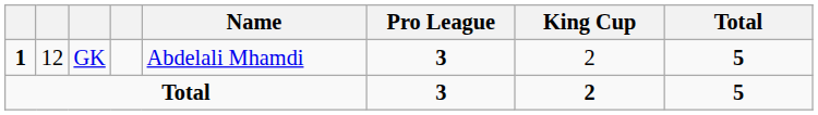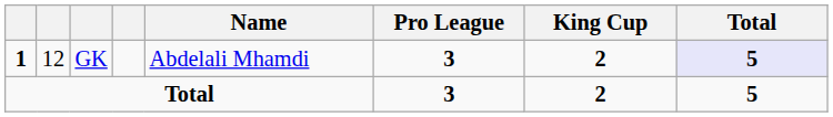 <table class="wikitable" style="text-align:center">
 <tr>
 <th width=15></th>
 <th width=15></th>
 <th width=15></th>
 <th width=15></th>
 <th width=155>Name</th>
 <th width=100>Pro League</th>
 <th width=100>King Cup</th>
 <th width=100>Total</th>
 </tr>
 <tr>
 <td><strong>1</strong></td>
 <td>12</td>
 <td><a href='#'>GK</a></td>
 <td></td>
 <td align=left><a href='#'>Abdelali Mhamdi</a></td>
 <td><strong>3</strong></td>
-<td>2</td>
-<td><strong>5</strong></td>
+<td><strong>2</strong></td>
+<td style="background: lavender;"><strong>5</strong></td>
 </tr>
 <tr>
 <td colspan=5><strong>Total</strong></td>
 <td><strong>3</strong></td>
 <td><strong>2</strong></td>
 <td><strong>5</strong></td>
 </tr>
 </table>
